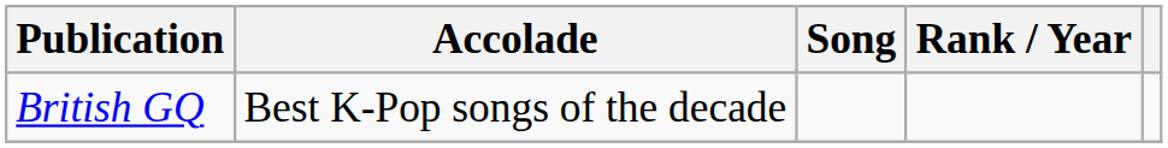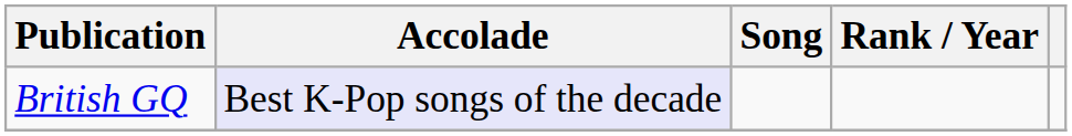 <table class="sortable wikitable">
 <tr>
 <th>Publication</th>
 <th>Accolade</th>
 <th>Song</th>
 <th>Rank / Year</th>
 <th class="unsortable"></th>
 </tr>
 <tr>
 <td><em><a href='#'>British GQ</a></em></td>
-<td>Best K-Pop songs of the decade</td>
+<td style="background: lavender;">Best K-Pop songs of the decade</td>
 <td></td>
 <td></td>
 <td></td>
 </tr>
 <tr>
 </tr>
 </table>
